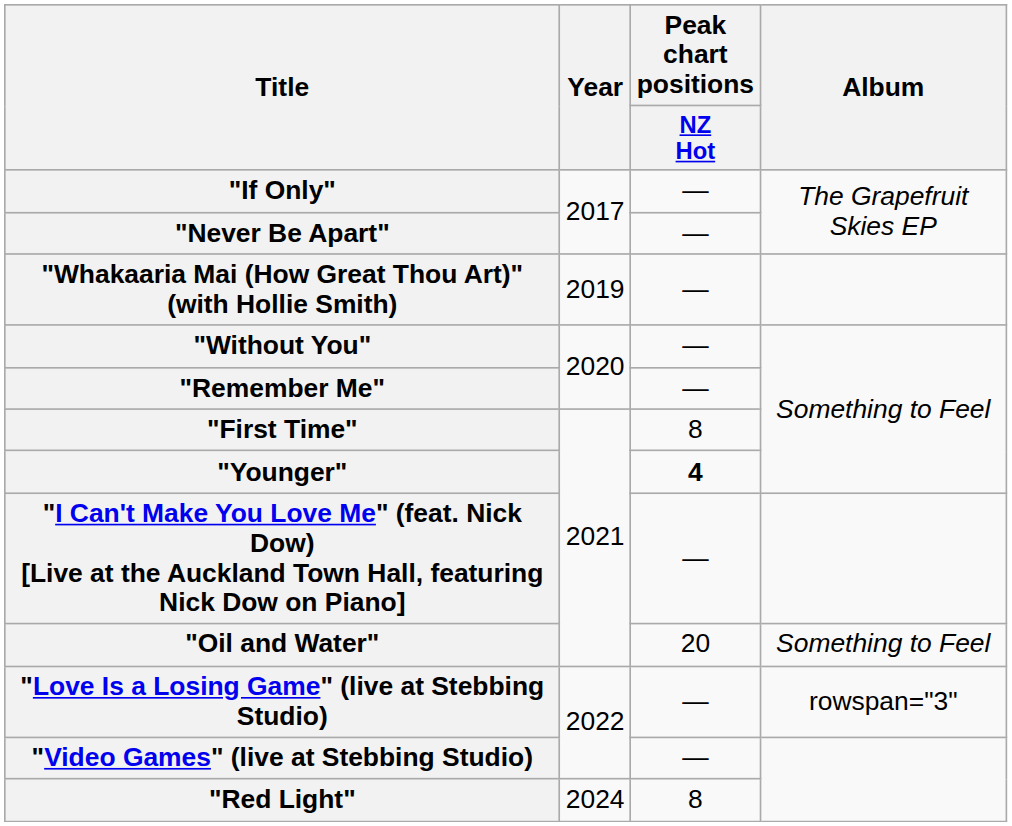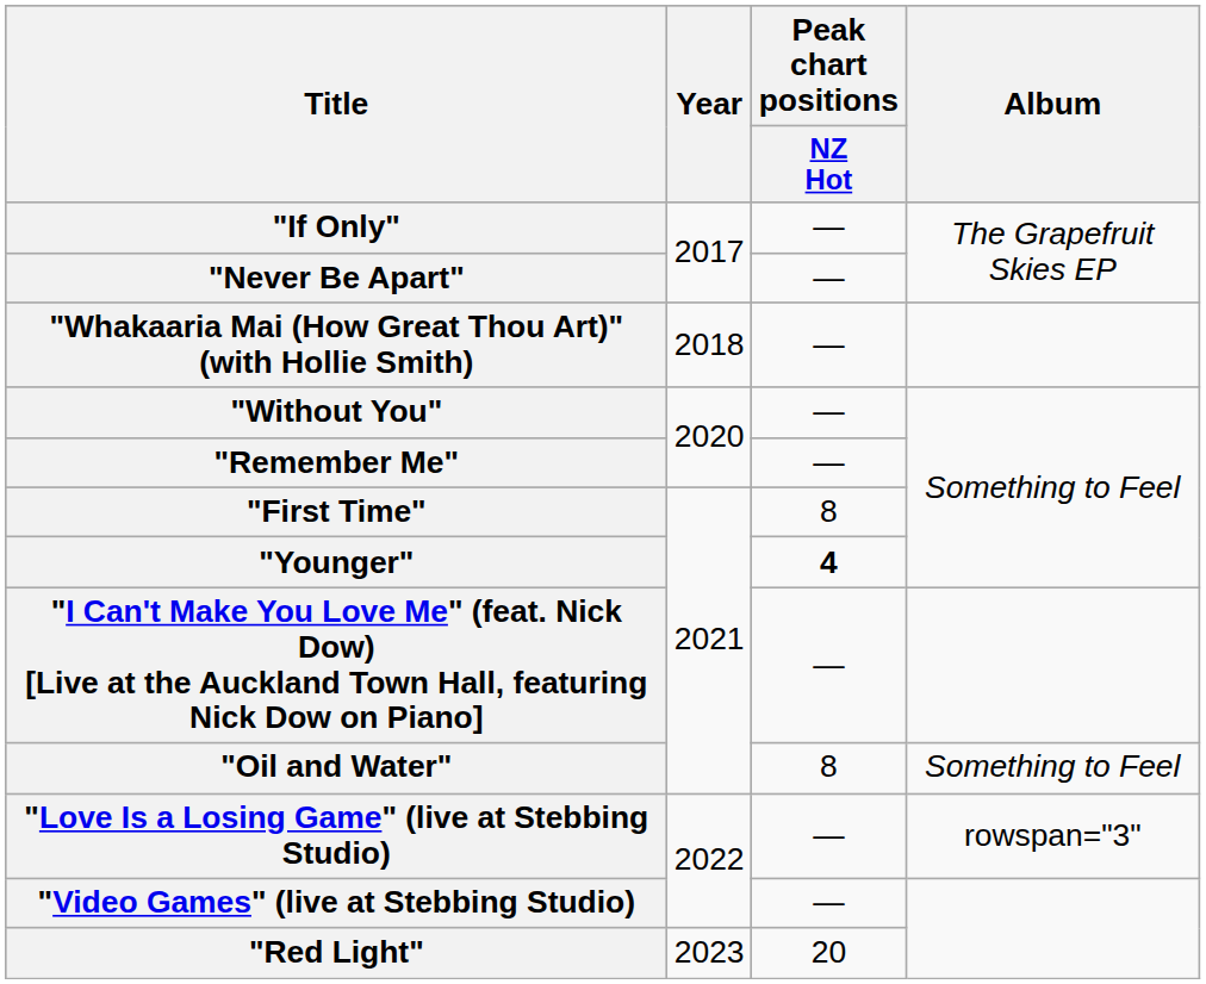 <table class="wikitable plainrowheaders" style=text-align:center;>
 <tr>
 <th scope="col" rowspan="2">Title</th>
 <th scope="col" rowspan="2">Year</th>
 <th scope="col">Peak chart positions</th>
 <th scope="col" rowspan="2">Album</th>
 </tr>
 <tr>
 <th scope="col" style="width:2.5em;font-size:90%;"><a href='#'>NZ<br>Hot</a><br></th>
 </tr>
 <tr>
 <th scope="row">"If Only"</th>
 <td rowspan="2">2017</td>
 <td>—</td>
 <td rowspan="2"><em>The Grapefruit Skies EP</em></td>
 </tr>
 <tr>
 <th scope="row">"Never Be Apart"</th>
 <td>—</td>
 </tr>
 <tr>
 <th scope="row">"Whakaaria Mai (How Great Thou Art)" <br> (with Hollie Smith)</th>
-<td>2019</td>
+<td>2018</td>
 <td>—</td>
 <td></td>
 </tr>
 <tr>
 <th scope="row">"Without You"</th>
 <td rowspan="2">2020</td>
 <td>—</td>
 <td rowspan="4"><em>Something to Feel</em></td>
 </tr>
 <tr>
 <th scope="row">"Remember Me"</th>
 <td>—</td>
 </tr>
 <tr>
 <th scope="row">"First Time"</th>
 <td rowspan="4">2021</td>
 <td>8</td>
 </tr>
 <tr>
 <th scope="row">"Younger"</th>
 <td><strong>4</strong></td>
 </tr>
 <tr>
 <th scope="row">"<a href='#'>I Can't Make You Love Me</a>" (feat. Nick Dow)<br> [Live at the Auckland Town Hall, featuring Nick Dow on Piano]</th>
 <td>—</td>
 <td></td>
 </tr>
 <tr>
 <th scope="row">"Oil and Water"</th>
-<td>20</td>
+<td>8</td>
 <td><em>Something to Feel</em></td>
 </tr>
 <tr>
 <th scope="row">"<a href='#'>Love Is a Losing Game</a>" (live at Stebbing Studio)</th>
 <td rowspan="2">2022</td>
 <td>—</td>
 <td>rowspan="3" </td>
 </tr>
 <tr>
 <th scope="row">"<a href='#'>Video Games</a>" (live at Stebbing Studio)</th>
 <td>—</td>
 </tr>
 <tr>
 <th scope="row">"Red Light"</th>
-<td>2024</td>
-<td>8</td>
+<td>2023</td>
+<td>20</td>
 </tr>
 </table>
